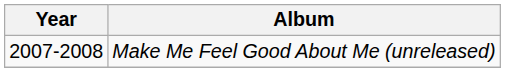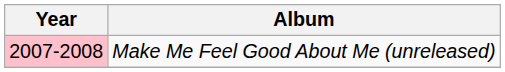 <table class="wikitable">
 <tr>
 <th align'"center">Year</th>
 <th align="center">Album</th>
 </tr>
 <tr>
-<td align="center">2007-2008</td>
+<td align="center" style="background: pink;">2007-2008</td>
 <td align="left"><em>Make Me Feel Good About Me (unreleased)</em></td>
 </tr>
 <tr>
 </tr>
 </table>
